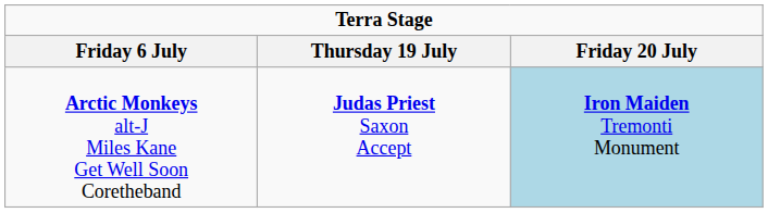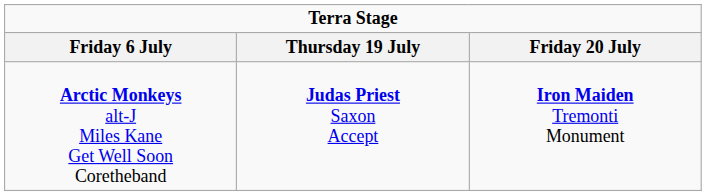 <table class="wikitable">
 <tr>
 <td colspan="3" align="center"><strong>Terra Stage</strong></td>
 </tr>
 <tr>
 <th>Friday 6 July</th>
 <th>Thursday 19 July</th>
 <th>Friday 20 July</th>
 </tr>
 <tr>
 <td valign="top" align="center" width=200><br><strong><a href='#'>Arctic Monkeys</a></strong> <br><a href='#'>alt-J</a> <br><a href='#'>Miles Kane</a> <br><a href='#'>Get Well Soon</a> <br>Coretheband</td>
 <td valign="top" align="center" width=200><br><strong><a href='#'>Judas Priest</a></strong> <br><a href='#'>Saxon</a> <br><a href='#'>Accept</a></td>
-<td valign="top" align="center" width=200 style="background: lightblue;"><br><strong><a href='#'>Iron Maiden</a></strong> <br><a href='#'>Tremonti</a> <br>Monument</td>
+<td valign="top" align="center" width=200><br><strong><a href='#'>Iron Maiden</a></strong> <br><a href='#'>Tremonti</a> <br>Monument</td>
 </tr>
 </table>
